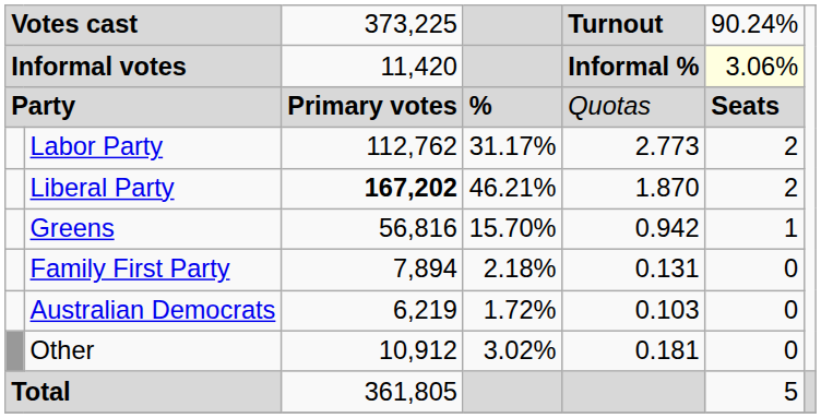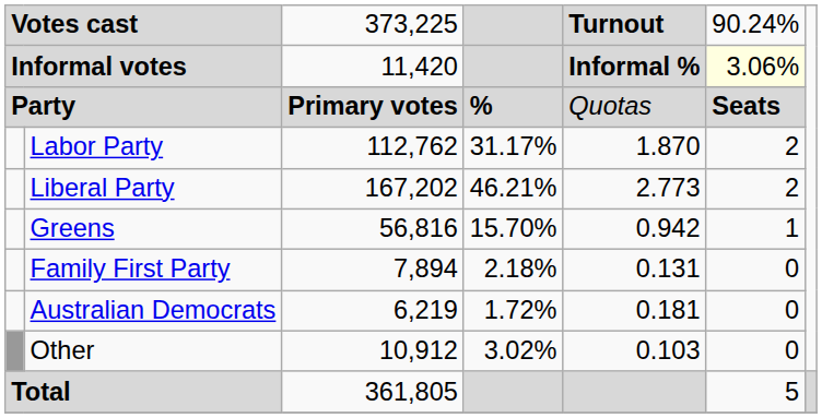 <table class="wikitable">
 <tr>
 <td colspan=2 bgcolor="#D8D8D8"><strong>Votes cast</strong></td>
 <td align="right">373,225</td>
 <td width="33" bgcolor="#D8D8D8"></td>
 <td bgcolor="#D8D8D8" width="67"><strong>Turnout</strong></td>
 <td align="right">90.24%</td>
 </tr>
 <tr>
 <td colspan="2" bgcolor="#D8D8D8"><strong>Informal votes</strong></td>
 <td align="right">11,420</td>
 <td width="33" bgcolor="#D8D8D8"></td>
 <td bgcolor="#D8D8D8"><strong>Informal %</strong></td>
 <td align="right" style="background: lightyellow;">3.06%</td>
 </tr>
 <tr>
 <td colspan="2" bgcolor="#D8D8D8"><strong>Party</strong></td>
 <td bgcolor="#D8D8D8"><strong>Primary votes</strong></td>
 <td bgcolor="#D8D8D8"><strong>%</strong></td>
 <td bgcolor="#D8D8D8"><em>Quotas</em></td>
 <td bgcolor="#D8D8D8"><strong>Seats</strong></td>
 </tr>
 <tr>
 <td> </td>
 <td><a href='#'>Labor Party</a></td>
 <td align="right">112,762</td>
 <td align="right">31.17%</td>
-<td align="right">2.773</td>
+<td align="right">1.870</td>
 <td align="right">2</td>
 </tr>
 <tr>
 <td> </td>
 <td><a href='#'>Liberal Party</a></td>
-<td align="right"><strong>167,202</strong></td>
+<td align="right">167,202</td>
 <td align="right">46.21%</td>
-<td align="right">1.870</td>
+<td align="right">2.773</td>
 <td align="right">2</td>
 </tr>
 <tr>
 <td> </td>
 <td><a href='#'>Greens</a></td>
 <td align="right">56,816</td>
 <td align="right">15.70%</td>
 <td align="right">0.942</td>
 <td align="right">1</td>
 </tr>
 <tr>
 <td> </td>
 <td><a href='#'>Family First Party</a></td>
 <td align="right">7,894</td>
 <td align="right">2.18%</td>
 <td align="right">0.131</td>
 <td align="right">0</td>
 </tr>
 <tr>
 <td> </td>
 <td><a href='#'>Australian Democrats</a></td>
 <td align="right">6,219</td>
 <td align="right">1.72%</td>
-<td align="right">0.103</td>
+<td align="right">0.181</td>
 <td align="right">0</td>
 </tr>
 <tr>
 <td bgcolor="#999999"> </td>
 <td>Other</td>
 <td align="right">10,912</td>
 <td align="right">3.02%</td>
-<td align="right">0.181</td>
+<td align="right">0.103</td>
 <td align="right">0</td>
 </tr>
 <tr>
 <td colspan="2" bgcolor="#D8D8D8"><strong>Total</strong></td>
 <td align="right">361,805</td>
 <td bgcolor="#D8D8D8"></td>
 <td bgcolor="#D8D8D8"></td>
 <td align="right">5</td>
 <td bgcolor="#D8D8D8"></td>
 </tr>
 <tr>
 </tr>
 </table>
